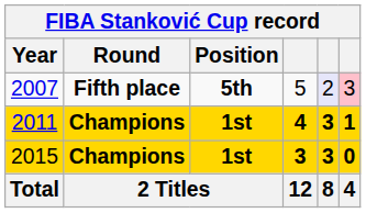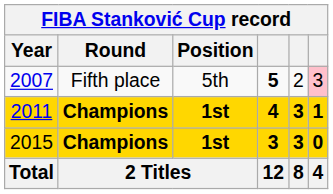 <table class="wikitable" style="text-align: center;">
 <tr>
 <th colspan=10><a href='#'>FIBA Stanković Cup</a> record</th>
 </tr>
 <tr>
 <th>Year</th>
 <th>Round</th>
 <th>Position</th>
 <th></th>
 <th></th>
 <th></th>
 </tr>
 <tr>
 <td> <a href='#'>2007</a></td>
-<td><strong>Fifth place</strong></td>
-<td><strong>5th</strong></td>
-<td>5</td>
-<td style="background: lavender;">2</td>
+<td>Fifth place</td>
+<td>5th</td>
+<td><strong>5</strong></td>
+<td>2</td>
 <td style="background: pink;">3</td>
 </tr>
 <tr style="background:gold;">
 <td> <a href='#'>2011</a></td>
 <td><strong>Champions</strong></td>
 <td><strong>1st</strong></td>
 <td><strong>4</strong></td>
 <td><strong>3</strong></td>
 <td><strong>1</strong></td>
 </tr>
 <tr style="background:gold;">
 <td> 2015</td>
 <td><strong>Champions</strong></td>
 <td><strong>1st</strong></td>
 <td><strong>3</strong></td>
 <td><strong>3</strong></td>
 <td><strong>0</strong></td>
 </tr>
 <tr>
 <th>Total</th>
 <th colspan=2>2 Titles</th>
 <th>12</th>
 <th>8</th>
 <th>4</th>
 </tr>
 </table>
